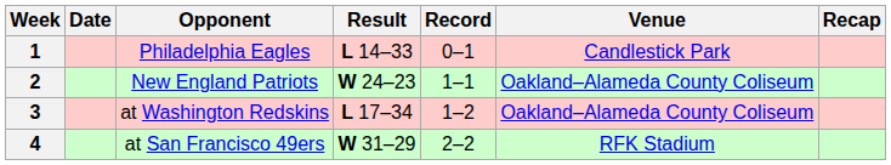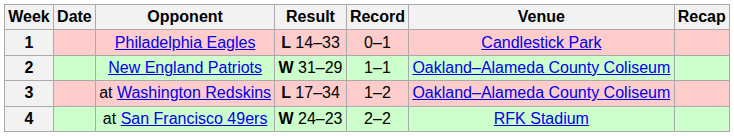 <table class="wikitable" style="text-align:center">
 <tr>
 <th>Week</th>
 <th>Date</th>
 <th>Opponent</th>
 <th>Result</th>
 <th>Record</th>
 <th>Venue</th>
 <th>Recap</th>
 </tr>
 <tr style="background: #fcc;">
 <th>1</th>
 <td></td>
 <td><a href='#'>Philadelphia Eagles</a></td>
 <td><strong>L</strong> 14–33</td>
 <td>0–1</td>
 <td><a href='#'>Candlestick Park</a></td>
 <td></td>
 </tr>
 <tr style="background: #cfc;">
 <th>2</th>
 <td></td>
 <td><a href='#'>New England Patriots</a></td>
-<td><strong>W</strong> 24–23</td>
+<td><strong>W</strong> 31–29</td>
 <td>1–1</td>
 <td><a href='#'>Oakland–Alameda County Coliseum</a></td>
 <td></td>
 </tr>
 <tr style="background: #fcc;">
 <th>3</th>
 <td></td>
 <td>at <a href='#'>Washington Redskins</a></td>
 <td><strong>L</strong> 17–34</td>
 <td>1–2</td>
 <td><a href='#'>Oakland–Alameda County Coliseum</a></td>
 <td></td>
 </tr>
 <tr style="background: #cfc;">
 <th>4</th>
 <td></td>
 <td>at <a href='#'>San Francisco 49ers</a></td>
-<td><strong>W</strong> 31–29</td>
+<td><strong>W</strong> 24–23</td>
 <td>2–2</td>
 <td><a href='#'>RFK Stadium</a></td>
 <td></td>
 </tr>
 </table>
